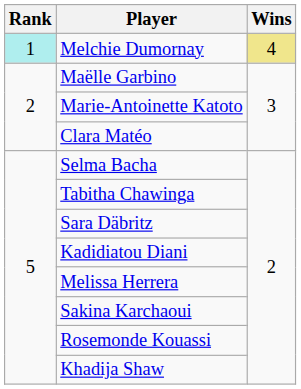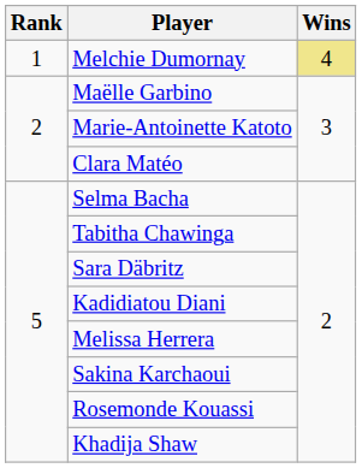 <table class="wikitable">
 <tr>
 <th>Rank</th>
 <th>Player</th>
 <th>Wins</th>
 </tr>
 <tr>
-<td align=center style="background: paleturquoise;">1</td>
+<td align=center>1</td>
 <td> <a href='#'>Melchie Dumornay</a></td>
 <td style="background: khaki; text-align:center;">4</td>
 </tr>
 <tr>
 <td align=center rowspan=3>2</td>
 <td> <a href='#'>Maëlle Garbino</a></td>
 <td style="text-align:center;" rowspan=3>3</td>
 </tr>
 <tr>
 <td> <a href='#'>Marie-Antoinette Katoto</a></td>
 </tr>
 <tr>
 <td> <a href='#'>Clara Matéo</a></td>
 </tr>
 <tr>
 <td align=center rowspan=8>5</td>
 <td> <a href='#'>Selma Bacha</a></td>
 <td style="text-align:center;" rowspan=8>2</td>
 </tr>
 <tr>
 <td> <a href='#'>Tabitha Chawinga</a></td>
 </tr>
 <tr>
 <td> <a href='#'>Sara Däbritz</a></td>
 </tr>
 <tr>
 <td> <a href='#'>Kadidiatou Diani</a></td>
 </tr>
 <tr>
 <td> <a href='#'>Melissa Herrera</a></td>
 </tr>
 <tr>
 <td> <a href='#'>Sakina Karchaoui</a></td>
 </tr>
 <tr>
 <td> <a href='#'>Rosemonde Kouassi</a></td>
 </tr>
 <tr>
 <td> <a href='#'>Khadija Shaw</a></td>
 </tr>
 </table>
